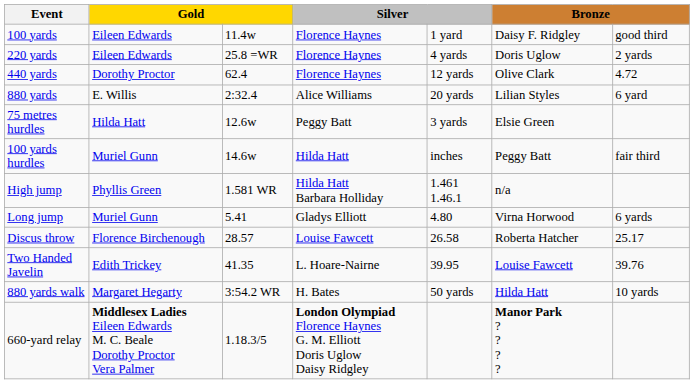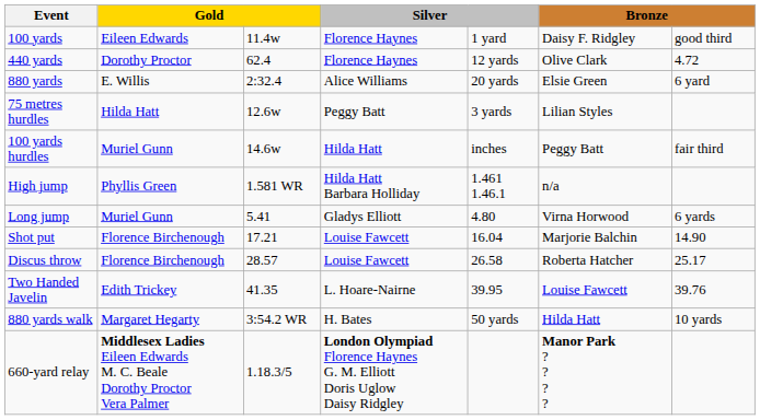 <table class="wikitable" style="text-align:left">
 <tr>
 <th width=100>Event</th>
 <th colspan="2" width="280" style="background:gold;">Gold</th>
 <th colspan="2" width="280" style="background:silver;">Silver</th>
 <th colspan="2" width="280" style="background:#CD7F32;">Bronze</th>
 </tr>
 <tr>
 <td><a href='#'>100 yards</a></td>
 <td><a href='#'>Eileen Edwards</a></td>
 <td>11.4w</td>
 <td><a href='#'>Florence Haynes</a></td>
 <td>1 yard</td>
 <td>Daisy F. Ridgley</td>
 <td>good third</td>
 </tr>
 <tr>
-<td><a href='#'>220 yards</a></td>
-<td><a href='#'>Eileen Edwards</a></td>
-<td>25.8 =WR</td>
-<td><a href='#'>Florence Haynes</a></td>
-<td>4 yards</td>
-<td>Doris Uglow</td>
-<td>2 yards</td>
-</tr>
-<tr>
 <td><a href='#'>440 yards</a></td>
 <td><a href='#'>Dorothy Proctor</a></td>
 <td>62.4</td>
 <td><a href='#'>Florence Haynes</a></td>
 <td>12 yards</td>
 <td>Olive Clark</td>
 <td>4.72</td>
 </tr>
 <tr>
 <td><a href='#'>880 yards</a></td>
 <td>E. Willis</td>
 <td>2:32.4</td>
 <td>Alice Williams</td>
 <td>20 yards</td>
-<td>Lilian Styles</td>
+<td>Elsie Green</td>
 <td>6 yard</td>
 </tr>
 <tr>
 <td><a href='#'>75 metres hurdles</a></td>
 <td><a href='#'>Hilda Hatt</a></td>
 <td>12.6w</td>
 <td>Peggy Batt</td>
 <td>3 yards</td>
-<td>Elsie Green</td>
+<td>Lilian Styles</td>
 <td></td>
 </tr>
 <tr>
 <td><a href='#'>100 yards hurdles</a></td>
 <td><a href='#'>Muriel Gunn</a></td>
 <td>14.6w</td>
 <td><a href='#'>Hilda Hatt</a></td>
 <td>inches</td>
 <td>Peggy Batt</td>
 <td>fair third</td>
 </tr>
 <tr>
 <td><a href='#'>High jump</a></td>
 <td><a href='#'>Phyllis Green</a></td>
 <td>1.581 WR</td>
 <td><a href='#'>Hilda Hatt</a> <br>Barbara Holliday</td>
 <td>1.461<br>1.46.1</td>
 <td>n/a</td>
 </tr>
 <tr>
 <td><a href='#'>Long jump</a></td>
 <td><a href='#'>Muriel Gunn</a></td>
 <td>5.41</td>
 <td>Gladys Elliott</td>
 <td>4.80</td>
 <td>Virna Horwood</td>
 <td>6 yards</td>
+</tr>
+<tr>
+<td><a href='#'>Shot put</a></td>
+<td><a href='#'>Florence Birchenough</a></td>
+<td>17.21</td>
+<td><a href='#'>Louise Fawcett</a></td>
+<td>16.04</td>
+<td>Marjorie Balchin</td>
+<td>14.90</td>
 </tr>
 <tr>
 <td><a href='#'>Discus throw</a></td>
 <td><a href='#'>Florence Birchenough</a></td>
 <td>28.57</td>
 <td><a href='#'>Louise Fawcett</a></td>
 <td>26.58</td>
 <td>Roberta Hatcher</td>
 <td>25.17</td>
 </tr>
 <tr>
 <td><a href='#'>Two Handed Javelin</a></td>
 <td><a href='#'>Edith Trickey</a></td>
 <td>41.35</td>
 <td>L. Hoare-Nairne</td>
 <td>39.95</td>
 <td><a href='#'>Louise Fawcett</a></td>
 <td>39.76</td>
 </tr>
 <tr>
 <td><a href='#'>880 yards walk</a></td>
 <td><a href='#'>Margaret Hegarty</a></td>
 <td>3:54.2 WR</td>
 <td>H. Bates</td>
 <td>50 yards</td>
 <td><a href='#'>Hilda Hatt</a></td>
 <td>10 yards</td>
 </tr>
 <tr>
 <td>660-yard relay</td>
 <td><strong>Middlesex Ladies</strong><br><a href='#'>Eileen Edwards</a><br>M. C. Beale<br><a href='#'>Dorothy Proctor</a><br><a href='#'>Vera Palmer</a></td>
 <td>1.18.3/5</td>
 <td><strong>London Olympiad</strong><br><a href='#'>Florence Haynes</a><br>G. M. Elliott<br>Doris Uglow<br>Daisy Ridgley</td>
 <td></td>
 <td><strong>Manor Park</strong><br>?<br>?<br>?<br>?</td>
 <td></td>
 </tr>
 </table>
